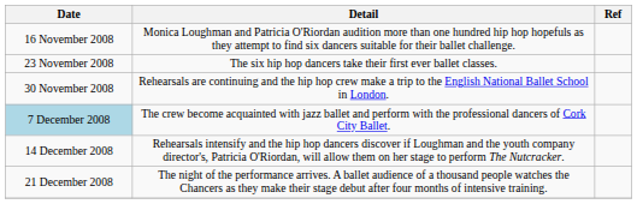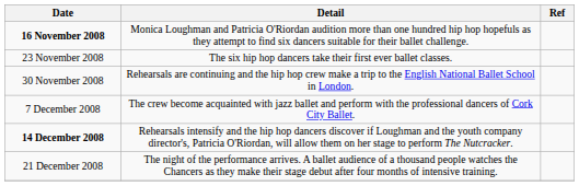 <table class="wikitable">
 <tr>
 <th width="200" rowspan="1">Date</th>
 <th width="800" rowspan="1">Detail</th>
 <th width="50" rowspan="1">Ref</th>
 </tr>
 <tr>
-<td align="center">16 November 2008</td>
+<td align="center"><strong>16 November 2008</strong></td>
 <td align="center">Monica Loughman and Patricia O'Riordan audition more than one hundred hip hop hopefuls as they attempt to find six dancers suitable for their ballet challenge.</td>
 <td align="center"></td>
 </tr>
 <tr>
 <td align="center">23 November 2008</td>
 <td align="center">The six hip hop dancers take their first ever ballet classes.</td>
 <td align="center"></td>
 </tr>
 <tr>
 <td align="center">30 November 2008</td>
 <td align="center">Rehearsals are continuing and the hip hop crew make a trip to the <a href='#'>English National Ballet School</a> in <a href='#'>London</a>.</td>
 <td align="center"></td>
 </tr>
 <tr>
-<td align="center" style="background: lightblue;">7 December 2008</td>
+<td align="center">7 December 2008</td>
 <td align="center">The crew become acquainted with jazz ballet and perform with the professional dancers of <a href='#'>Cork City Ballet</a>.</td>
 <td align="center"></td>
 </tr>
 <tr>
-<td align="center">14 December 2008</td>
+<td align="center"><strong>14 December 2008</strong></td>
 <td align="center">Rehearsals intensify and the hip hop dancers discover if Loughman and the youth company director's, Patricia O'Riordan, will allow them on her stage to perform <em>The Nutcracker</em>.</td>
 <td align="center"></td>
 </tr>
 <tr>
 <td align="center">21 December 2008</td>
 <td align="center">The night of the performance arrives. A ballet audience of a thousand people watches the Chancers as they make their stage debut after four months of intensive training.</td>
 <td align="center"></td>
 </tr>
 <tr>
 </tr>
 </table>
